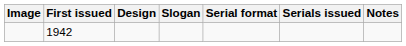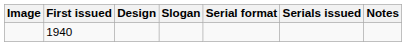 <table class="wikitable">
 <tr>
 <th>Image</th>
 <th>First issued</th>
 <th>Design</th>
 <th>Slogan</th>
 <th>Serial format</th>
 <th>Serials issued</th>
 <th>Notes</th>
 </tr>
 <tr>
 <td></td>
-<td>1942</td>
+<td>1940</td>
 <td></td>
 <td></td>
 <td></td>
 <td></td>
 </tr>
 </table>
